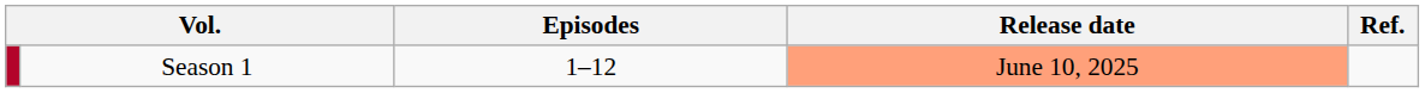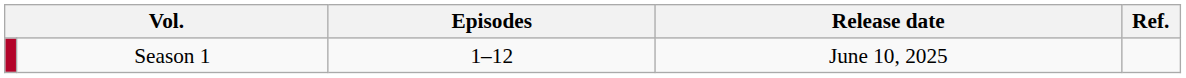 <table class="wikitable" style="text-align: center; width: 70%;">
 <tr>
 <th colspan="2">Vol.</th>
 <th>Episodes</th>
 <th>Release date</th>
 <th width="5%">Ref.</th>
 </tr>
 <tr>
 <td width="1%" style="background: #B3042A;"></td>
 <td>Season 1</td>
 <td>1–12</td>
-<td style="background: lightsalmon;">June 10, 2025</td>
+<td>June 10, 2025</td>
 <td></td>
 </tr>
 </table>
